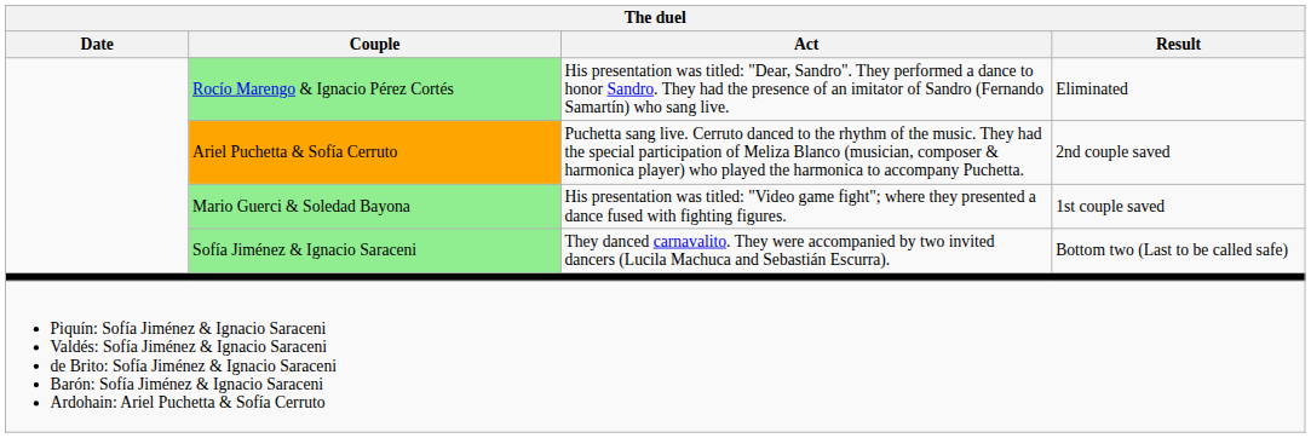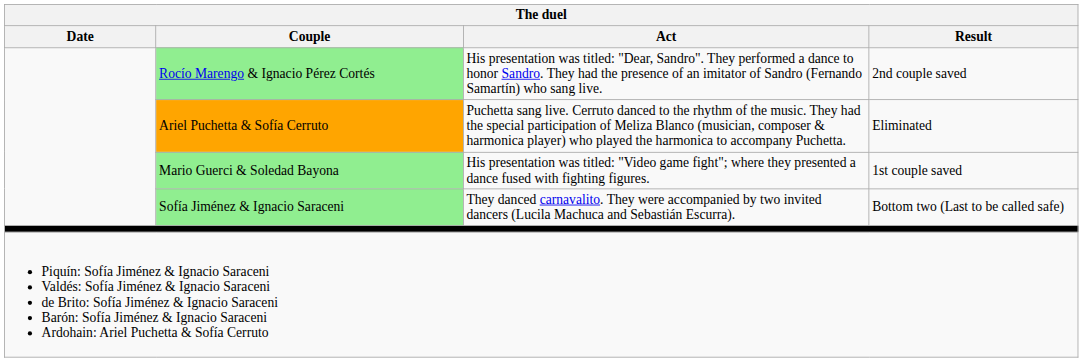 <table class="wikitable collapsible collapsed" style="text-align: align; width: 100%;">
 <tr>
 <th colspan="11" style="with: 100%;" align="center">The duel</th>
 </tr>
 <tr>
 <th width=85>Date</th>
 <th width=180>Couple</th>
 <th width=240>Act</th>
 <th width=120>Result</th>
 </tr>
 <tr>
 <td rowspan="4"></td>
 <td bgcolor="lightgreen"><a href='#'>Rocío Marengo</a> & Ignacio Pérez Cortés</td>
 <td>His presentation was titled: "Dear, Sandro". They performed a dance to honor <a href='#'>Sandro</a>. They had the presence of an imitator of Sandro (Fernando Samartín) who sang live.<br></td>
-<td>Eliminated</td>
+<td>2nd couple saved</td>
 </tr>
 <tr>
 <td bgcolor="orange">Ariel Puchetta & Sofía Cerruto</td>
 <td>Puchetta sang live. Cerruto danced to the rhythm of the music. They had the special participation of Meliza Blanco (musician, composer & harmonica player) who played the harmonica to accompany Puchetta.<br></td>
-<td>2nd couple saved</td>
+<td>Eliminated</td>
 </tr>
 <tr>
 <td bgcolor="lightgreen">Mario Guerci & Soledad Bayona</td>
 <td>His presentation was titled: "Video game fight"; where they presented a dance fused with fighting figures.<br></td>
 <td>1st couple saved</td>
 </tr>
 <tr>
 <td bgcolor="lightgreen">Sofía Jiménez & Ignacio Saraceni</td>
 <td>They danced <a href='#'>carnavalito</a>. They were accompanied by two invited dancers (Lucila Machuca and Sebastián Escurra).<br></td>
 <td>Bottom two (Last to be called safe)</td>
 </tr>
 <tr>
 <th style="background:black" colspan="4"></th>
 </tr>
 <tr>
 <td colspan="4"><br><ul><li>Piquín: Sofía Jiménez & Ignacio Saraceni</li><li>Valdés: Sofía Jiménez & Ignacio Saraceni</li><li>de Brito: Sofía Jiménez & Ignacio Saraceni</li><li>Barón: Sofía Jiménez & Ignacio Saraceni</li><li>Ardohain: Ariel Puchetta & Sofía Cerruto</li></ul></td>
 </tr>
 </table>
